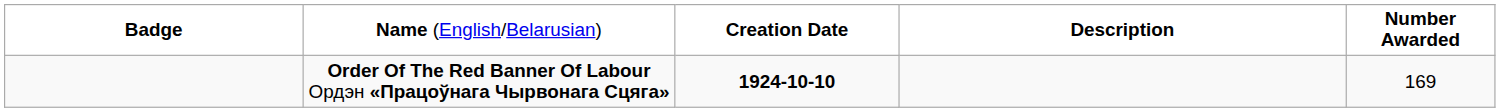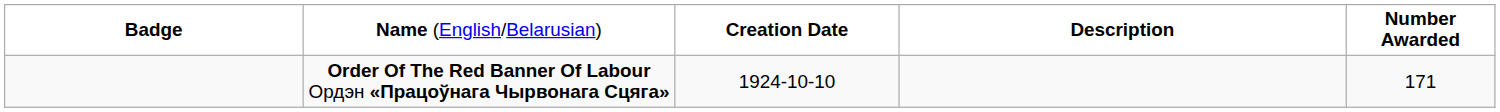 <table class="wikitable" width="100%" style="text-align:center;">
 <tr>
 <td width="20%" bgcolor="#FFFFFF"><strong>Badge</strong></td>
 <td width="25%" bgcolor="#FFFFFF"><strong>Name</strong> (<a href='#'>English</a>/<a href='#'>Belarusian</a>)</td>
 <td width="15%" bgcolor="#FFFFFF"><strong>Creation Date</strong></td>
 <td width="30%" bgcolor="#FFFFFF"><strong>Description</strong></td>
 <td width="10%" bgcolor="#FFFFFF"><strong>Number Awarded</strong></td>
 </tr>
 <tr>
 <td></td>
 <td><strong>Order Of The Red Banner Of Labour</strong><br>Ордэн <strong>«Працоўнага Чырвонага Сцяга»</strong></td>
-<td><strong>1924-10-10</strong></td>
+<td>1924-10-10</td>
 <td></td>
-<td>169</td>
+<td>171</td>
 </tr>
 </table>
